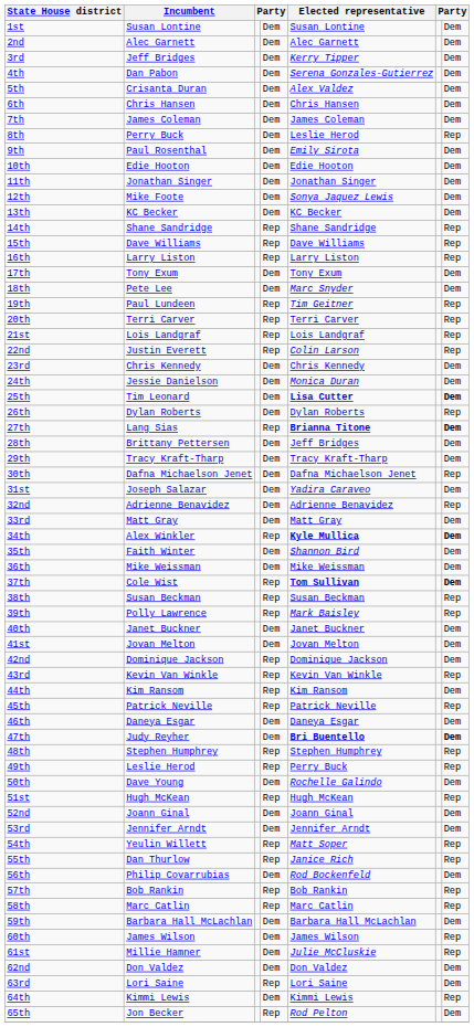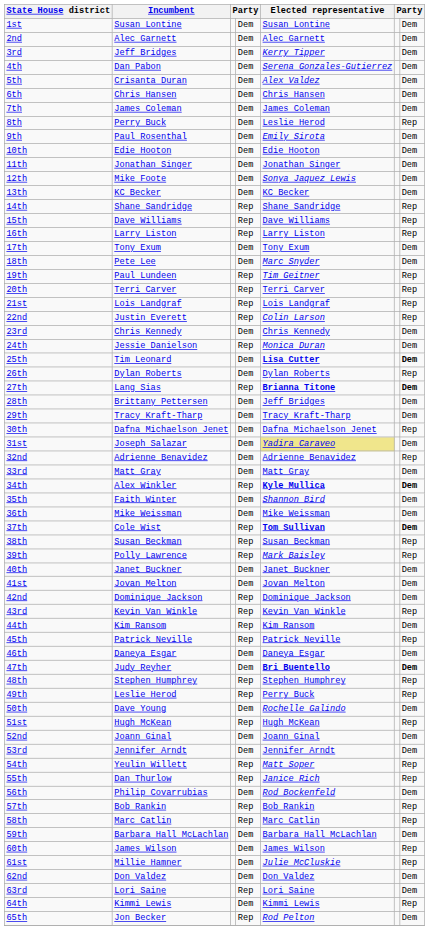 <table class="sortable wikitable" style="font-size:95%;line-height:14px;">
 <tr>
 <th class="unsortable"><a href='#'>State House</a> district</th>
 <th class="unsortable"><a href='#'>Incumbent</a></th>
 <th colspan="2">Party</th>
 <th class="unsortable">Elected representative</th>
 <th colspan="2">Party</th>
 </tr>
 <tr>
 <td><a href='#'>1st</a></td>
 <td><a href='#'>Susan Lontine</a></td>
 <td style="background:"></td>
 <td>Dem</td>
 <td><a href='#'>Susan Lontine</a></td>
 <td style="background:"></td>
 <td>Dem</td>
 </tr>
 <tr>
 <td><a href='#'>2nd</a></td>
 <td><a href='#'>Alec Garnett</a></td>
 <td style="background:"></td>
 <td>Dem</td>
 <td><a href='#'>Alec Garnett</a></td>
 <td style="background:"></td>
 <td>Dem</td>
 </tr>
 <tr>
 <td><a href='#'>3rd</a></td>
 <td><a href='#'>Jeff Bridges</a></td>
 <td style="background:"></td>
 <td>Dem</td>
 <td><em><a href='#'>Kerry Tipper</a></em></td>
 <td style="background:"></td>
 <td>Dem</td>
 </tr>
 <tr>
 <td><a href='#'>4th</a></td>
 <td><a href='#'>Dan Pabon</a></td>
 <td style="background:"></td>
 <td>Dem</td>
 <td><em><a href='#'>Serena Gonzales-Gutierrez</a></em></td>
 <td style="background:"></td>
 <td>Dem</td>
 </tr>
 <tr>
 <td><a href='#'>5th</a></td>
 <td><a href='#'>Crisanta Duran</a></td>
 <td style="background:"></td>
 <td>Dem</td>
 <td><em><a href='#'>Alex Valdez</a></em></td>
 <td style="background:"></td>
 <td>Dem</td>
 </tr>
 <tr>
 <td><a href='#'>6th</a></td>
 <td><a href='#'>Chris Hansen</a></td>
 <td style="background:"></td>
 <td>Dem</td>
 <td><a href='#'>Chris Hansen</a></td>
 <td style="background:"></td>
 <td>Dem</td>
 </tr>
 <tr>
 <td><a href='#'>7th</a></td>
 <td><a href='#'>James Coleman</a></td>
 <td style="background:"></td>
 <td>Dem</td>
 <td><a href='#'>James Coleman</a></td>
 <td style="background:"></td>
 <td>Dem</td>
 </tr>
 <tr>
 <td><a href='#'>8th</a></td>
 <td><a href='#'>Perry Buck</a></td>
 <td style="background:"></td>
 <td>Dem</td>
 <td><a href='#'>Leslie Herod</a></td>
 <td style="background:"></td>
 <td>Rep</td>
 </tr>
 <tr>
 <td><a href='#'>9th</a></td>
 <td><a href='#'>Paul Rosenthal</a></td>
 <td style="background:"></td>
 <td>Dem</td>
 <td><em><a href='#'>Emily Sirota</a></em></td>
 <td style="background:"></td>
 <td>Dem</td>
 </tr>
 <tr>
 <td><a href='#'>10th</a></td>
 <td><a href='#'>Edie Hooton</a></td>
 <td style="background:"></td>
 <td>Dem</td>
 <td><a href='#'>Edie Hooton</a></td>
 <td style="background:"></td>
 <td>Dem</td>
 </tr>
 <tr>
 <td><a href='#'>11th</a></td>
 <td><a href='#'>Jonathan Singer</a></td>
 <td style="background:"></td>
 <td>Dem</td>
 <td><a href='#'>Jonathan Singer</a></td>
 <td style="background:"></td>
 <td>Dem</td>
 </tr>
 <tr>
 <td><a href='#'>12th</a></td>
 <td><a href='#'>Mike Foote</a></td>
 <td style="background:"></td>
 <td>Dem</td>
 <td><em><a href='#'>Sonya Jaquez Lewis</a></em></td>
 <td style="background:"></td>
 <td>Dem</td>
 </tr>
 <tr>
 <td><a href='#'>13th</a></td>
 <td><a href='#'>KC Becker</a></td>
 <td style="background:"></td>
 <td>Dem</td>
 <td><a href='#'>KC Becker</a></td>
 <td style="background:"></td>
 <td>Dem</td>
 </tr>
 <tr>
 <td><a href='#'>14th</a></td>
 <td><a href='#'>Shane Sandridge</a></td>
 <td style="background:"></td>
 <td>Rep</td>
 <td><a href='#'>Shane Sandridge</a></td>
 <td style="background:"></td>
 <td>Rep</td>
 </tr>
 <tr>
 <td><a href='#'>15th</a></td>
 <td><a href='#'>Dave Williams</a></td>
 <td style="background:"></td>
 <td>Rep</td>
 <td><a href='#'>Dave Williams</a></td>
 <td style="background:"></td>
 <td>Rep</td>
 </tr>
 <tr>
 <td><a href='#'>16th</a></td>
 <td><a href='#'>Larry Liston</a></td>
 <td style="background:"></td>
 <td>Rep</td>
 <td><a href='#'>Larry Liston</a></td>
 <td style="background:"></td>
 <td>Rep</td>
 </tr>
 <tr>
 <td><a href='#'>17th</a></td>
 <td><a href='#'>Tony Exum</a></td>
 <td style="background:"></td>
 <td>Dem</td>
 <td><a href='#'>Tony Exum</a></td>
 <td style="background:"></td>
 <td>Dem</td>
 </tr>
 <tr>
 <td><a href='#'>18th</a></td>
 <td><a href='#'>Pete Lee</a></td>
 <td style="background:"></td>
 <td>Dem</td>
 <td><em><a href='#'>Marc Snyder</a></em></td>
 <td style="background:"></td>
 <td>Dem</td>
 </tr>
 <tr>
 <td><a href='#'>19th</a></td>
 <td><a href='#'>Paul Lundeen</a></td>
 <td style="background:"></td>
 <td>Rep</td>
 <td><em><a href='#'>Tim Geitner</a></em></td>
 <td style="background:"></td>
 <td>Rep</td>
 </tr>
 <tr>
 <td><a href='#'>20th</a></td>
 <td><a href='#'>Terri Carver</a></td>
 <td style="background:"></td>
 <td>Rep</td>
 <td><a href='#'>Terri Carver</a></td>
 <td style="background:"></td>
 <td>Rep</td>
 </tr>
 <tr>
 <td><a href='#'>21st</a></td>
 <td><a href='#'>Lois Landgraf</a></td>
 <td style="background:"></td>
 <td>Rep</td>
 <td><a href='#'>Lois Landgraf</a></td>
 <td style="background:"></td>
 <td>Rep</td>
 </tr>
 <tr>
 <td><a href='#'>22nd</a></td>
 <td><a href='#'>Justin Everett</a></td>
 <td style="background:"></td>
 <td>Rep</td>
 <td><em><a href='#'>Colin Larson</a></em></td>
 <td style="background:"></td>
 <td>Rep</td>
 </tr>
 <tr>
 <td><a href='#'>23rd</a></td>
 <td><a href='#'>Chris Kennedy</a></td>
 <td style="background:"></td>
 <td>Dem</td>
 <td><a href='#'>Chris Kennedy</a></td>
 <td style="background:"></td>
 <td>Dem</td>
 </tr>
 <tr>
 <td><a href='#'>24th</a></td>
 <td><a href='#'>Jessie Danielson</a></td>
 <td style="background:"></td>
-<td>Dem</td>
+<td>Rep</td>
 <td><em><a href='#'>Monica Duran</a></em></td>
 <td style="background:"></td>
 <td>Dem</td>
 </tr>
 <tr>
 <td><a href='#'>25th</a></td>
 <td><a href='#'>Tim Leonard</a></td>
 <td style="background:"></td>
 <td>Dem</td>
 <td><strong><a href='#'>Lisa Cutter</a></strong></td>
 <td style="background:"></td>
 <td><strong>Dem</strong></td>
 </tr>
 <tr>
 <td><a href='#'>26th</a></td>
 <td><a href='#'>Dylan Roberts</a></td>
 <td style="background:"></td>
 <td>Dem</td>
 <td><a href='#'>Dylan Roberts</a></td>
 <td style="background:"></td>
 <td>Rep</td>
 </tr>
 <tr>
 <td><a href='#'>27th</a></td>
 <td><a href='#'>Lang Sias</a></td>
 <td style="background:"></td>
 <td>Rep</td>
 <td><strong><a href='#'>Brianna Titone</a></strong></td>
 <td style="background:"></td>
 <td><strong>Dem</strong></td>
 </tr>
 <tr>
 <td><a href='#'>28th</a></td>
 <td><a href='#'>Brittany Pettersen</a></td>
 <td style="background:"></td>
 <td>Dem</td>
 <td><a href='#'>Jeff Bridges</a></td>
 <td style="background:"></td>
 <td>Dem</td>
 </tr>
 <tr>
 <td><a href='#'>29th</a></td>
 <td><a href='#'>Tracy Kraft-Tharp</a></td>
 <td style="background:"></td>
 <td>Dem</td>
 <td><a href='#'>Tracy Kraft-Tharp</a></td>
 <td style="background:"></td>
 <td>Dem</td>
 </tr>
 <tr>
 <td><a href='#'>30th</a></td>
 <td><a href='#'>Dafna Michaelson Jenet</a></td>
 <td style="background:"></td>
 <td>Dem</td>
 <td><a href='#'>Dafna Michaelson Jenet</a></td>
 <td style="background:"></td>
 <td>Rep</td>
 </tr>
 <tr>
 <td><a href='#'>31st</a></td>
 <td><a href='#'>Joseph Salazar</a></td>
 <td style="background:"></td>
 <td>Dem</td>
-<td><em><a href='#'>Yadira Caraveo</a></em></td>
+<td style="background: khaki;"><em><a href='#'>Yadira Caraveo</a></em></td>
 <td style="background:"></td>
 <td>Dem</td>
 </tr>
 <tr>
 <td><a href='#'>32nd</a></td>
 <td><a href='#'>Adrienne Benavidez</a></td>
 <td style="background:"></td>
 <td>Dem</td>
 <td><a href='#'>Adrienne Benavidez</a></td>
 <td style="background:"></td>
 <td>Rep</td>
 </tr>
 <tr>
 <td><a href='#'>33rd</a></td>
 <td><a href='#'>Matt Gray</a></td>
 <td style="background:"></td>
 <td>Dem</td>
 <td><a href='#'>Matt Gray</a></td>
 <td style="background:"></td>
 <td>Dem</td>
 </tr>
 <tr>
 <td><a href='#'>34th</a></td>
 <td><a href='#'>Alex Winkler</a></td>
 <td style="background:"></td>
 <td>Rep</td>
 <td><strong><a href='#'>Kyle Mullica</a></strong></td>
 <td style="background:"></td>
 <td><strong>Dem</strong></td>
 </tr>
 <tr>
 <td><a href='#'>35th</a></td>
 <td><a href='#'>Faith Winter</a></td>
 <td style="background:"></td>
 <td>Dem</td>
 <td><em><a href='#'>Shannon Bird</a></em></td>
 <td style="background:"></td>
 <td>Dem</td>
 </tr>
 <tr>
 <td><a href='#'>36th</a></td>
 <td><a href='#'>Mike Weissman</a></td>
 <td style="background:"></td>
 <td>Dem</td>
 <td><a href='#'>Mike Weissman</a></td>
 <td style="background:"></td>
 <td>Dem</td>
 </tr>
 <tr>
 <td><a href='#'>37th</a></td>
 <td><a href='#'>Cole Wist</a></td>
 <td style="background:"></td>
 <td>Rep</td>
 <td><strong><a href='#'>Tom Sullivan</a></strong></td>
 <td style="background:"></td>
 <td><strong>Dem</strong></td>
 </tr>
 <tr>
 <td><a href='#'>38th</a></td>
 <td><a href='#'>Susan Beckman</a></td>
 <td style="background:"></td>
 <td>Rep</td>
 <td><a href='#'>Susan Beckman</a></td>
 <td style="background:"></td>
 <td>Rep</td>
 </tr>
 <tr>
 <td><a href='#'>39th</a></td>
 <td><a href='#'>Polly Lawrence</a></td>
 <td style="background:"></td>
 <td>Rep</td>
 <td><em><a href='#'>Mark Baisley</a></em></td>
 <td style="background:"></td>
 <td>Rep</td>
 </tr>
 <tr>
 <td><a href='#'>40th</a></td>
 <td><a href='#'>Janet Buckner</a></td>
 <td style="background:"></td>
 <td>Dem</td>
 <td><a href='#'>Janet Buckner</a></td>
 <td style="background:"></td>
 <td>Dem</td>
 </tr>
 <tr>
 <td><a href='#'>41st</a></td>
 <td><a href='#'>Jovan Melton</a></td>
 <td style="background:"></td>
 <td>Dem</td>
 <td><a href='#'>Jovan Melton</a></td>
 <td style="background:"></td>
 <td>Dem</td>
 </tr>
 <tr>
 <td><a href='#'>42nd</a></td>
 <td><a href='#'>Dominique Jackson</a></td>
 <td style="background:"></td>
 <td>Rep</td>
 <td><a href='#'>Dominique Jackson</a></td>
 <td style="background:"></td>
 <td>Dem</td>
 </tr>
 <tr>
 <td><a href='#'>43rd</a></td>
 <td><a href='#'>Kevin Van Winkle</a></td>
 <td style="background:"></td>
 <td>Rep</td>
 <td><a href='#'>Kevin Van Winkle</a></td>
 <td style="background:"></td>
 <td>Rep</td>
 </tr>
 <tr>
 <td><a href='#'>44th</a></td>
 <td><a href='#'>Kim Ransom</a></td>
 <td style="background:"></td>
 <td>Rep</td>
 <td><a href='#'>Kim Ransom</a></td>
 <td style="background:"></td>
 <td>Dem</td>
 </tr>
 <tr>
 <td><a href='#'>45th</a></td>
 <td><a href='#'>Patrick Neville</a></td>
 <td style="background:"></td>
 <td>Rep</td>
 <td><a href='#'>Patrick Neville</a></td>
 <td style="background:"></td>
 <td>Rep</td>
 </tr>
 <tr>
 <td><a href='#'>46th</a></td>
 <td><a href='#'>Daneya Esgar</a></td>
 <td style="background:"></td>
 <td>Dem</td>
 <td><a href='#'>Daneya Esgar</a></td>
 <td style="background:"></td>
 <td>Dem</td>
 </tr>
 <tr>
 <td><a href='#'>47th</a></td>
 <td><a href='#'>Judy Reyher</a></td>
 <td style="background:"></td>
 <td>Dem</td>
 <td><strong><a href='#'>Bri Buentello</a></strong></td>
 <td style="background:"></td>
 <td><strong>Dem</strong></td>
 </tr>
 <tr>
 <td><a href='#'>48th</a></td>
 <td><a href='#'>Stephen Humphrey</a></td>
 <td style="background:"></td>
 <td>Rep</td>
 <td><a href='#'>Stephen Humphrey</a></td>
 <td style="background:"></td>
 <td>Rep</td>
 </tr>
 <tr>
 <td><a href='#'>49th</a></td>
 <td><a href='#'>Leslie Herod</a></td>
 <td style="background:"></td>
 <td>Rep</td>
 <td><a href='#'>Perry Buck</a></td>
 <td style="background:"></td>
 <td>Rep</td>
 </tr>
 <tr>
 <td><a href='#'>50th</a></td>
 <td><a href='#'>Dave Young</a></td>
 <td style="background:"></td>
 <td>Dem</td>
 <td><em><a href='#'>Rochelle Galindo</a></em></td>
 <td style="background:"></td>
 <td>Dem</td>
 </tr>
 <tr>
 <td><a href='#'>51st</a></td>
 <td><a href='#'>Hugh McKean</a></td>
 <td style="background:"></td>
 <td>Rep</td>
 <td><a href='#'>Hugh McKean</a></td>
 <td style="background:"></td>
 <td>Rep</td>
 </tr>
 <tr>
 <td><a href='#'>52nd</a></td>
 <td><a href='#'>Joann Ginal</a></td>
 <td style="background:"></td>
 <td>Dem</td>
 <td><a href='#'>Joann Ginal</a></td>
 <td style="background:"></td>
 <td>Dem</td>
 </tr>
 <tr>
 <td><a href='#'>53rd</a></td>
 <td><a href='#'>Jennifer Arndt</a></td>
 <td style="background:"></td>
 <td>Dem</td>
 <td><a href='#'>Jennifer Arndt</a></td>
 <td style="background:"></td>
 <td>Dem</td>
 </tr>
 <tr>
 <td><a href='#'>54th</a></td>
 <td><a href='#'>Yeulin Willett</a></td>
 <td style="background:"></td>
 <td>Rep</td>
 <td><em><a href='#'>Matt Soper</a></em></td>
 <td style="background:"></td>
 <td>Rep</td>
 </tr>
 <tr>
 <td><a href='#'>55th</a></td>
 <td><a href='#'>Dan Thurlow</a></td>
 <td style="background:"></td>
 <td>Rep</td>
 <td><em><a href='#'>Janice Rich</a></em></td>
 <td style="background:"></td>
 <td>Rep</td>
 </tr>
 <tr>
 <td><a href='#'>56th</a></td>
 <td><a href='#'>Philip Covarrubias</a></td>
 <td style="background:"></td>
 <td>Dem</td>
 <td><em><a href='#'>Rod Bockenfeld</a></em></td>
 <td style="background:"></td>
 <td>Dem</td>
 </tr>
 <tr>
 <td><a href='#'>57th</a></td>
 <td><a href='#'>Bob Rankin</a></td>
 <td style="background:"></td>
 <td>Rep</td>
 <td><a href='#'>Bob Rankin</a></td>
 <td style="background:"></td>
 <td>Rep</td>
 </tr>
 <tr>
 <td><a href='#'>58th</a></td>
 <td><a href='#'>Marc Catlin</a></td>
 <td style="background:"></td>
 <td>Rep</td>
 <td><a href='#'>Marc Catlin</a></td>
 <td style="background:"></td>
 <td>Rep</td>
 </tr>
 <tr>
 <td><a href='#'>59th</a></td>
 <td><a href='#'>Barbara Hall McLachlan</a></td>
 <td style="background:"></td>
 <td>Dem</td>
 <td><a href='#'>Barbara Hall McLachlan</a></td>
 <td style="background:"></td>
 <td>Dem</td>
 </tr>
 <tr>
 <td><a href='#'>60th</a></td>
 <td><a href='#'>James Wilson</a></td>
 <td style="background:"></td>
 <td>Dem</td>
 <td><a href='#'>James Wilson</a></td>
 <td style="background:"></td>
 <td>Rep</td>
 </tr>
 <tr>
 <td><a href='#'>61st</a></td>
 <td><a href='#'>Millie Hamner</a></td>
 <td style="background:"></td>
 <td>Dem</td>
 <td><em><a href='#'>Julie McCluskie</a></em></td>
 <td style="background:"></td>
 <td>Rep</td>
 </tr>
 <tr>
 <td><a href='#'>62nd</a></td>
 <td><a href='#'>Don Valdez</a></td>
 <td style="background:"></td>
 <td>Dem</td>
 <td><a href='#'>Don Valdez</a></td>
 <td style="background:"></td>
 <td>Dem</td>
 </tr>
 <tr>
 <td><a href='#'>63rd</a></td>
 <td><a href='#'>Lori Saine</a></td>
 <td style="background:"></td>
 <td>Rep</td>
 <td><a href='#'>Lori Saine</a></td>
 <td style="background:"></td>
 <td>Dem</td>
 </tr>
 <tr>
 <td><a href='#'>64th</a></td>
 <td><a href='#'>Kimmi Lewis</a></td>
 <td style="background:"></td>
 <td>Dem</td>
 <td><a href='#'>Kimmi Lewis</a></td>
 <td style="background:"></td>
 <td>Rep</td>
 </tr>
 <tr>
 <td><a href='#'>65th</a></td>
 <td><a href='#'>Jon Becker</a></td>
 <td style="background:"></td>
 <td>Rep</td>
 <td><em><a href='#'>Rod Pelton</a></em></td>
 <td style="background:"></td>
 <td>Dem</td>
 </tr>
 <tr>
 </tr>
 </table>
